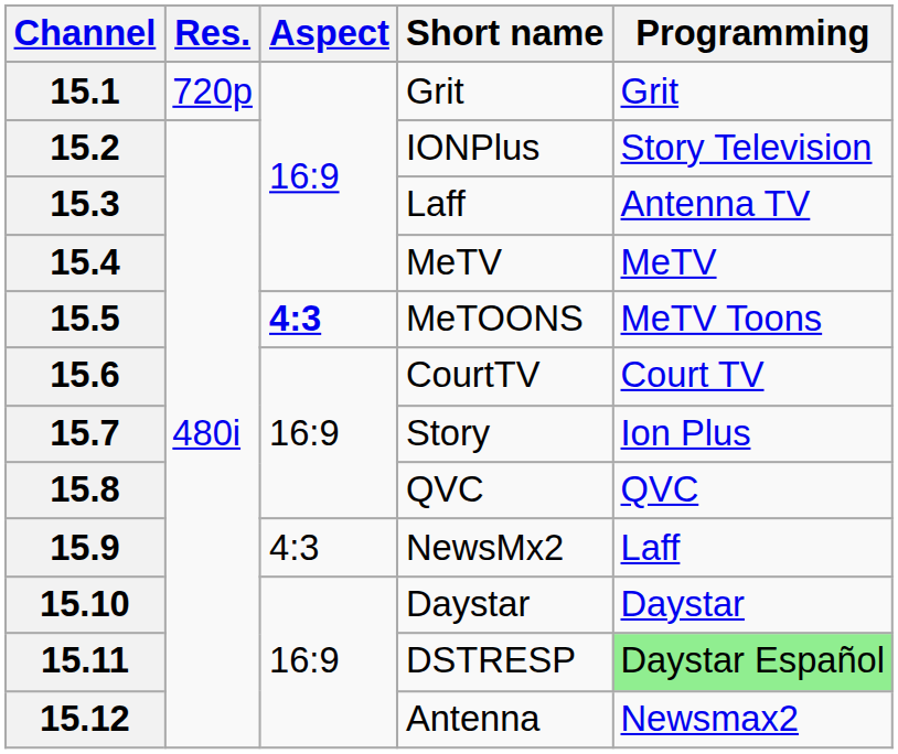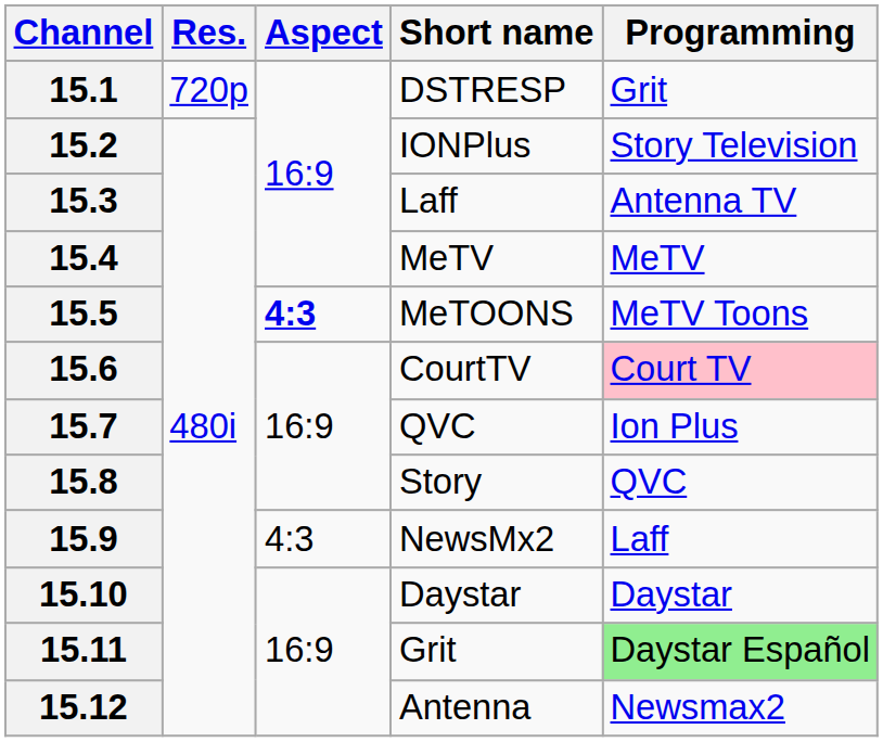 <table class="wikitable">
 <tr>
 <th scope="col"><a href='#'>Channel</a></th>
 <th scope="col"><a href='#'>Res.</a></th>
 <th scope="col"><a href='#'>Aspect</a></th>
 <th scope="col">Short name</th>
 <th scope="col">Programming</th>
 </tr>
 <tr>
 <th scope="row">15.1</th>
 <td><a href='#'>720p</a></td>
 <td rowspan="4"><a href='#'>16:9</a></td>
-<td>Grit</td>
+<td>DSTRESP</td>
 <td><a href='#'>Grit</a></td>
 </tr>
 <tr>
 <th scope="row">15.2</th>
 <td rowspan="12"><a href='#'>480i</a></td>
 <td>IONPlus</td>
 <td><a href='#'>Story Television</a></td>
 </tr>
 <tr>
 <th scope="row">15.3</th>
 <td>Laff</td>
 <td><a href='#'>Antenna TV</a></td>
 </tr>
 <tr>
 <th scope="row">15.4</th>
 <td>MeTV</td>
 <td><a href='#'>MeTV</a></td>
 </tr>
 <tr>
 <th scope="row">15.5</th>
 <td><strong><a href='#'>4:3</a></strong></td>
 <td>MeTOONS</td>
 <td><a href='#'>MeTV Toons</a></td>
 </tr>
 <tr>
 <th scope="row">15.6</th>
 <td rowspan="3">16:9</td>
 <td>CourtTV</td>
-<td><a href='#'>Court TV</a></td>
+<td style="background: pink;"><a href='#'>Court TV</a></td>
 </tr>
 <tr>
 <th scope="row">15.7</th>
-<td>Story</td>
+<td>QVC</td>
 <td><a href='#'>Ion Plus</a></td>
 </tr>
 <tr>
 <th scope="row">15.8</th>
-<td>QVC</td>
+<td>Story</td>
 <td><a href='#'>QVC</a></td>
 </tr>
 <tr>
 <th scope="row">15.9</th>
 <td>4:3</td>
 <td>NewsMx2</td>
 <td><a href='#'>Laff</a></td>
 </tr>
 <tr>
 <th scope="row">15.10</th>
 <td rowspan="3">16:9</td>
 <td>Daystar</td>
 <td><a href='#'>Daystar</a></td>
 </tr>
 <tr>
 <th scope="row">15.11</th>
-<td>DSTRESP</td>
+<td>Grit</td>
 <td style="background: lightgreen;">Daystar Español</td>
 </tr>
 <tr>
 <th scope="row">15.12</th>
 <td>Antenna</td>
 <td><a href='#'>Newsmax2</a></td>
 </tr>
 </table>
